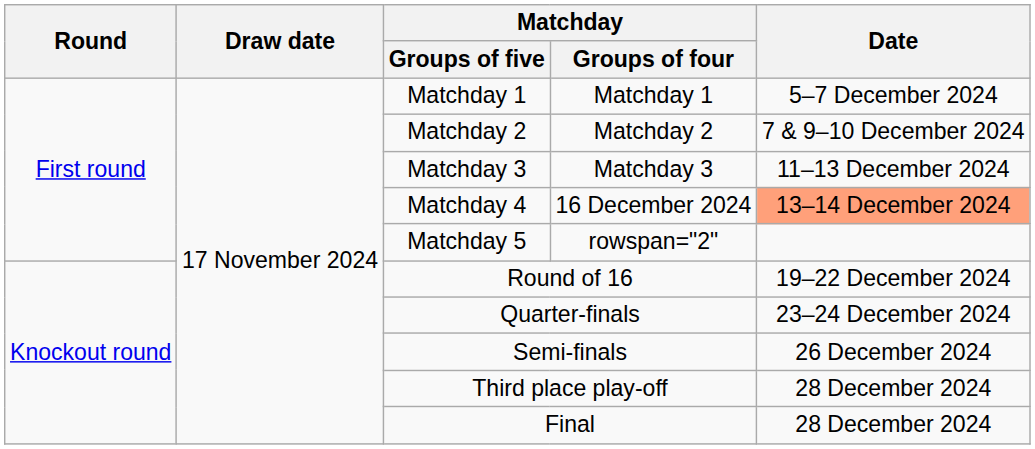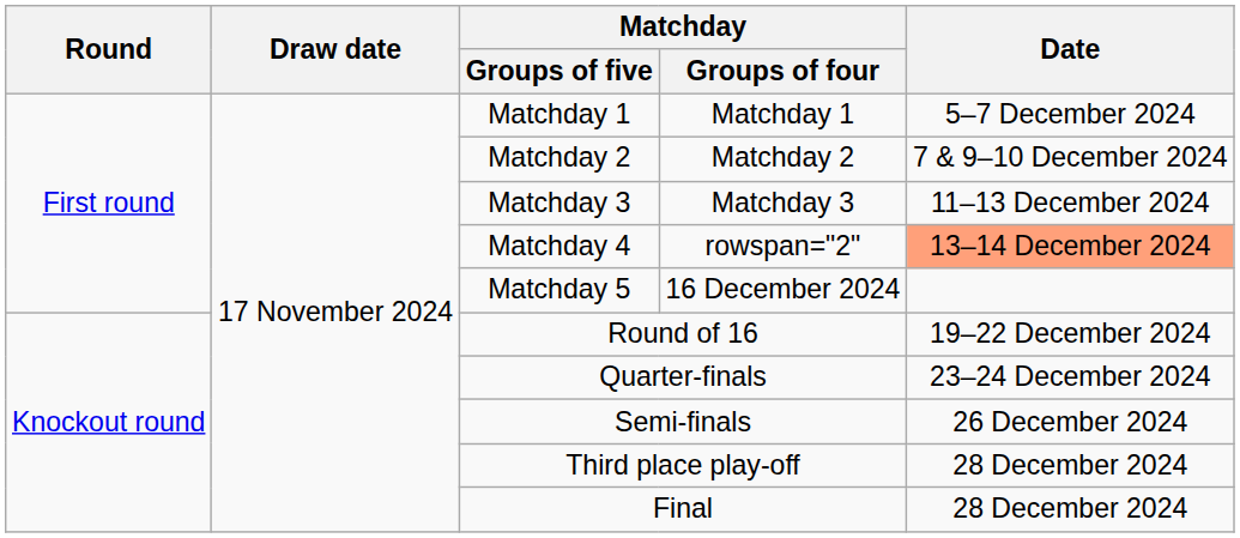 <table class="wikitable" style="text-align:center">
 <tr>
 <th rowspan="2">Round</th>
 <th rowspan="2">Draw date</th>
 <th colspan="2">Matchday</th>
 <th rowspan="2">Date</th>
 </tr>
 <tr>
 <th>Groups of five</th>
 <th>Groups of four</th>
 </tr>
 <tr>
 <td rowspan="5"><a href='#'>First round</a></td>
 <td rowspan="10">17 November 2024</td>
 <td>Matchday 1</td>
 <td>Matchday 1</td>
 <td>5–7 December 2024</td>
 </tr>
 <tr>
 <td>Matchday 2</td>
 <td>Matchday 2</td>
 <td>7 & 9–10 December 2024</td>
 </tr>
 <tr>
 <td>Matchday 3</td>
 <td>Matchday 3</td>
 <td>11–13 December 2024</td>
 </tr>
 <tr>
 <td>Matchday 4</td>
-<td>16 December 2024</td>
+<td>rowspan="2" </td>
 <td style="background: lightsalmon;">13–14 December 2024</td>
 </tr>
 <tr>
 <td>Matchday 5</td>
-<td>rowspan="2" </td>
+<td>16 December 2024</td>
 </tr>
 <tr>
 <td rowspan="5"><a href='#'>Knockout round</a></td>
 <td colspan="2">Round of 16</td>
 <td>19–22 December 2024</td>
 </tr>
 <tr>
 <td colspan="2">Quarter-finals</td>
 <td>23–24 December 2024</td>
 </tr>
 <tr>
 <td colspan="2">Semi-finals</td>
 <td>26 December 2024</td>
 </tr>
 <tr>
 <td colspan="2">Third place play-off</td>
 <td>28 December 2024</td>
 </tr>
 <tr>
 <td colspan="2">Final</td>
 <td>28 December 2024</td>
 </tr>
 </table>
